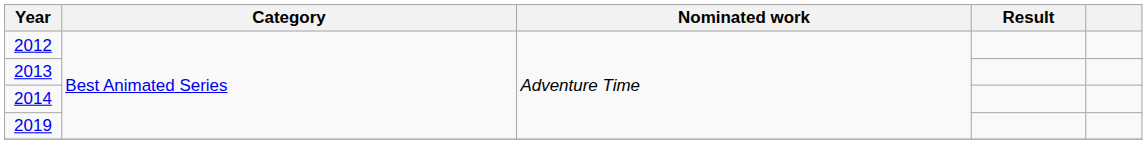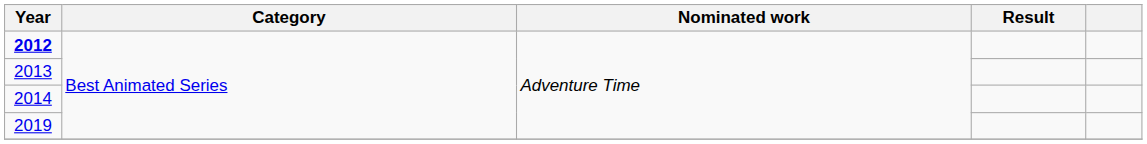 <table class="wikitable" style="width:85%;">
 <tr>
 <th width=5%>Year</th>
 <th style="width:40%;">Category</th>
 <th style="width:40%;">Nominated work</th>
 <th style="width:10%;">Result</th>
 <th width=5%></th>
 </tr>
 <tr>
-<td style="text-align:center;"><a href='#'>2012</a></td>
+<td style="text-align:center;"><strong><a href='#'>2012</a></strong></td>
 <td rowspan="4"><a href='#'>Best Animated Series</a></td>
 <td rowspan="4"><em>Adventure Time</em></td>
 <td></td>
 <td></td>
 </tr>
 <tr>
 <td style="text-align:center;"><a href='#'>2013</a></td>
 <td></td>
 <td></td>
 </tr>
 <tr>
 <td style="text-align:center;"><a href='#'>2014</a></td>
 <td></td>
 <td></td>
 </tr>
 <tr>
 <td style="text-align:center;"><a href='#'>2019</a></td>
 <td></td>
 <td></td>
 </tr>
 <tr>
 </tr>
 </table>
